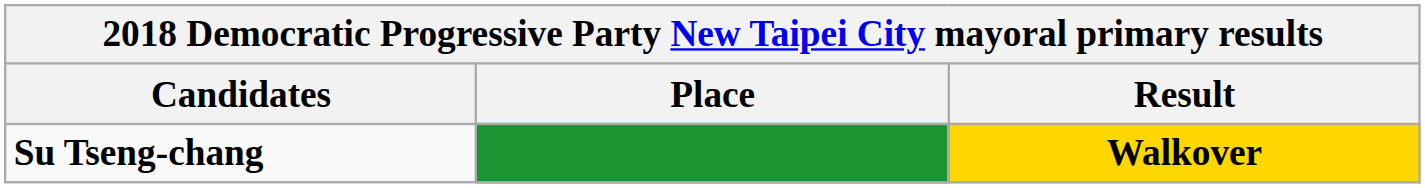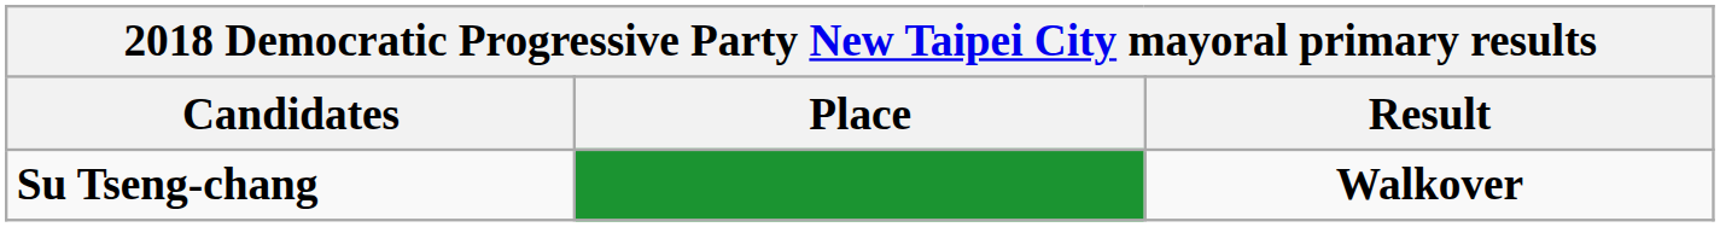 <table class="wikitable collapsible">
 <tr>
 <th colspan="5" width=600>2018 Democratic Progressive Party <a href='#'>New Taipei City</a> mayoral primary results</th>
 </tr>
 <tr>
 <th width=80>Candidates</th>
 <th width=80>Place</th>
 <th width=80>Result</th>
 </tr>
 <tr>
 <td><strong>Su Tseng-chang</strong></td>
 <td style="background: #1B9431; text-align:center"><strong></strong></td>
-<td style="background: gold; text-align:center"><strong>Walkover</strong></td>
+<td style="text-align:center"><strong>Walkover</strong></td>
 </tr>
 </table>
